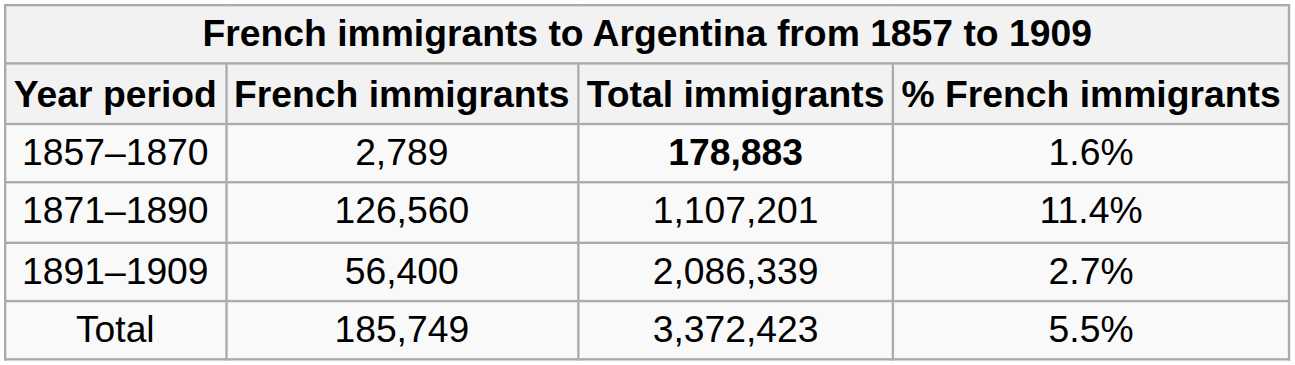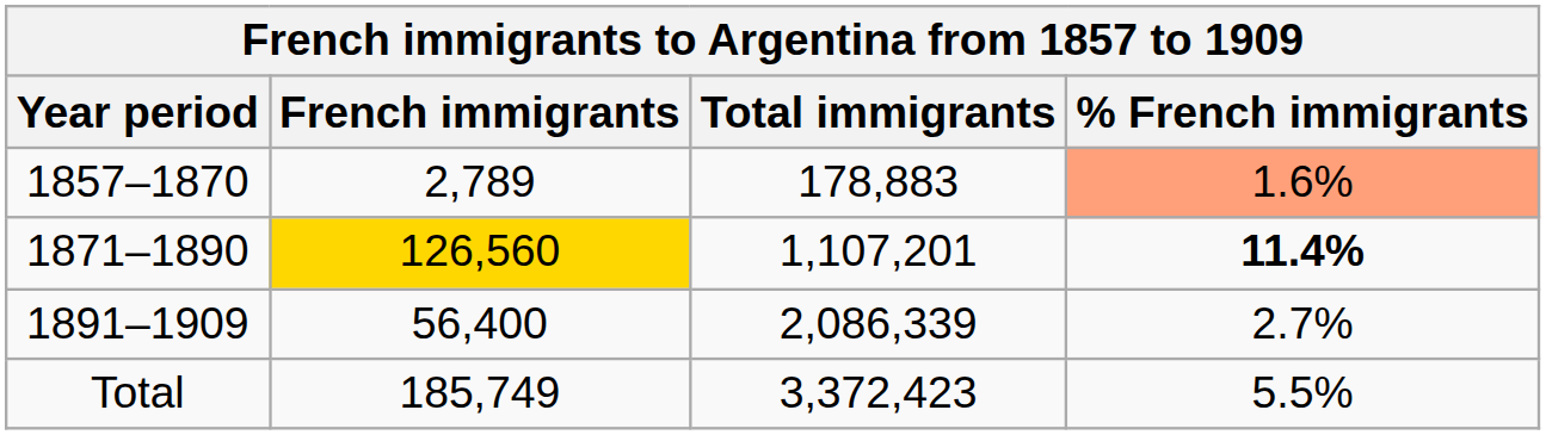 <table class="wikitable" style="text-align:center;">
 <tr>
 <th colspan=5>French immigrants to Argentina from 1857 to 1909</th>
 </tr>
 <tr>
 <th>Year period</th>
 <th>French immigrants</th>
 <th>Total immigrants</th>
 <th>% French immigrants</th>
 </tr>
 <tr>
 <td>1857–1870</td>
 <td>2,789</td>
-<td><strong>178,883</strong></td>
-<td>1.6%</td>
+<td>178,883</td>
+<td style="background: lightsalmon;">1.6%</td>
 </tr>
 <tr>
 <td>1871–1890</td>
-<td>126,560</td>
+<td style="background: gold;">126,560</td>
 <td>1,107,201</td>
-<td>11.4%</td>
+<td><strong>11.4%</strong></td>
 </tr>
 <tr>
 <td>1891–1909</td>
 <td>56,400</td>
 <td>2,086,339</td>
 <td>2.7%</td>
 </tr>
 <tr>
 <td>Total</td>
 <td>185,749</td>
 <td>3,372,423</td>
 <td>5.5%</td>
 </tr>
 </table>
